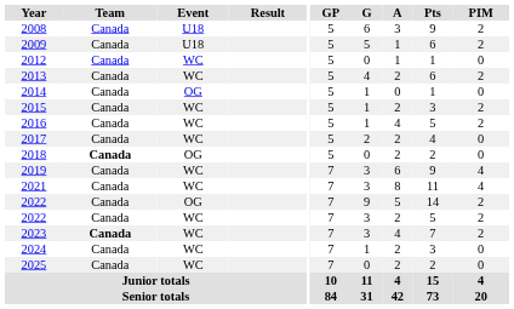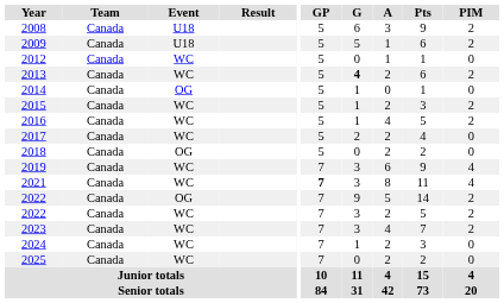 <table border="0" cellpadding="1" cellspacing="0" ID="Table3" style="text-align:center; width:40em">
 <tr ALIGN="center" bgcolor="#e0e0e0">
 <th>Year</th>
 <th>Team</th>
 <th>Event</th>
 <th>Result</th>
 <th rowspan="99" bgcolor="#ffffff"></th>
 <th>GP</th>
 <th>G</th>
 <th>A</th>
 <th>Pts</th>
 <th>PIM</th>
 </tr>
 <tr ALIGN="center">
 <td><a href='#'>2008</a></td>
 <td><a href='#'>Canada</a></td>
 <td><a href='#'>U18</a></td>
 <td></td>
 <td>5</td>
 <td>6</td>
 <td>3</td>
 <td>9</td>
 <td>2</td>
 </tr>
 <tr ALIGN="center" bgcolor="#f0f0f0">
 <td><a href='#'>2009</a></td>
 <td>Canada</td>
 <td>U18</td>
 <td></td>
 <td>5</td>
 <td>5</td>
 <td>1</td>
 <td>6</td>
 <td>2</td>
 </tr>
 <tr ALIGN="center">
 <td><a href='#'>2012</a></td>
 <td><a href='#'>Canada</a></td>
 <td><a href='#'>WC</a></td>
 <td></td>
 <td>5</td>
 <td>0</td>
 <td>1</td>
 <td>1</td>
 <td>0</td>
 </tr>
 <tr ALIGN="center" bgcolor="#f0f0f0">
 <td><a href='#'>2013</a></td>
 <td>Canada</td>
 <td>WC</td>
 <td></td>
 <td>5</td>
-<td>4</td>
+<td><strong>4</strong></td>
 <td>2</td>
 <td>6</td>
 <td>2</td>
 </tr>
 <tr ALIGN="center">
 <td><a href='#'>2014</a></td>
 <td>Canada</td>
 <td><a href='#'>OG</a></td>
 <td></td>
 <td>5</td>
 <td>1</td>
 <td>0</td>
 <td>1</td>
 <td>0</td>
 </tr>
 <tr ALIGN="center" bgcolor="#f0f0f0">
 <td><a href='#'>2015</a></td>
 <td>Canada</td>
 <td>WC</td>
 <td></td>
 <td>5</td>
 <td>1</td>
 <td>2</td>
 <td>3</td>
 <td>2</td>
 </tr>
 <tr ALIGN="center">
 <td><a href='#'>2016</a></td>
 <td>Canada</td>
 <td>WC</td>
 <td></td>
 <td>5</td>
 <td>1</td>
 <td>4</td>
 <td>5</td>
 <td>2</td>
 </tr>
 <tr ALIGN="center" bgcolor="#f0f0f0">
 <td><a href='#'>2017</a></td>
 <td>Canada</td>
 <td>WC</td>
 <td></td>
 <td>5</td>
 <td>2</td>
 <td>2</td>
 <td>4</td>
 <td>0</td>
 </tr>
 <tr ALIGN="center">
 <td><a href='#'>2018</a></td>
-<td><strong>Canada</strong></td>
+<td>Canada</td>
 <td>OG</td>
 <td></td>
 <td>5</td>
 <td>0</td>
 <td>2</td>
 <td>2</td>
 <td>0</td>
 </tr>
 <tr ALIGN="center" bgcolor="#f0f0f0">
 <td><a href='#'>2019</a></td>
 <td>Canada</td>
 <td>WC</td>
 <td></td>
 <td>7</td>
 <td>3</td>
 <td>6</td>
 <td>9</td>
 <td>4</td>
 </tr>
 <tr ALIGN="center">
 <td><a href='#'>2021</a></td>
 <td>Canada</td>
 <td>WC</td>
 <td></td>
-<td>7</td>
+<td><strong>7</strong></td>
 <td>3</td>
 <td>8</td>
 <td>11</td>
 <td>4</td>
 </tr>
 <tr ALIGN="center" bgcolor="#f0f0f0">
 <td><a href='#'>2022</a></td>
 <td>Canada</td>
 <td>OG</td>
 <td></td>
 <td>7</td>
 <td>9</td>
 <td>5</td>
 <td>14</td>
 <td>2</td>
 </tr>
 <tr ALIGN="center">
 <td><a href='#'>2022</a></td>
 <td>Canada</td>
 <td>WC</td>
 <td></td>
 <td>7</td>
 <td>3</td>
 <td>2</td>
 <td>5</td>
 <td>2</td>
 </tr>
 <tr ALIGN="center" bgcolor="#f0f0f0">
 <td><a href='#'>2023</a></td>
-<td><strong>Canada</strong></td>
+<td>Canada</td>
 <td>WC</td>
 <td></td>
 <td>7</td>
 <td>3</td>
 <td>4</td>
 <td>7</td>
 <td>2</td>
 </tr>
 <tr ALIGN="center">
 <td><a href='#'>2024</a></td>
 <td>Canada</td>
 <td>WC</td>
 <td></td>
 <td>7</td>
 <td>1</td>
 <td>2</td>
 <td>3</td>
 <td>0</td>
 </tr>
 <tr ALIGN="center" bgcolor="#f0f0f0">
 <td><a href='#'>2025</a></td>
 <td>Canada</td>
 <td>WC</td>
 <td></td>
 <td>7</td>
 <td>0</td>
 <td>2</td>
 <td>2</td>
 <td>0</td>
 </tr>
 <tr bgcolor="#e0e0e0">
 <th colspan="4">Junior totals</th>
 <th>10</th>
 <th>11</th>
 <th>4</th>
 <th>15</th>
 <th>4</th>
 </tr>
 <tr bgcolor="#e0e0e0">
 <th colspan="4">Senior totals</th>
 <th>84</th>
 <th>31</th>
 <th>42</th>
 <th>73</th>
 <th>20</th>
 </tr>
 </table>
